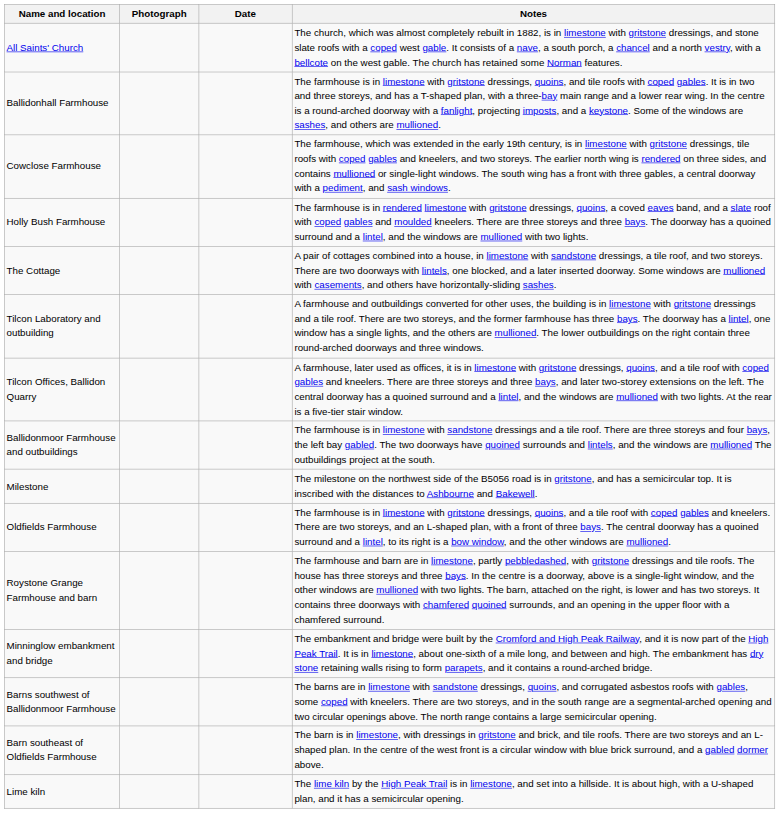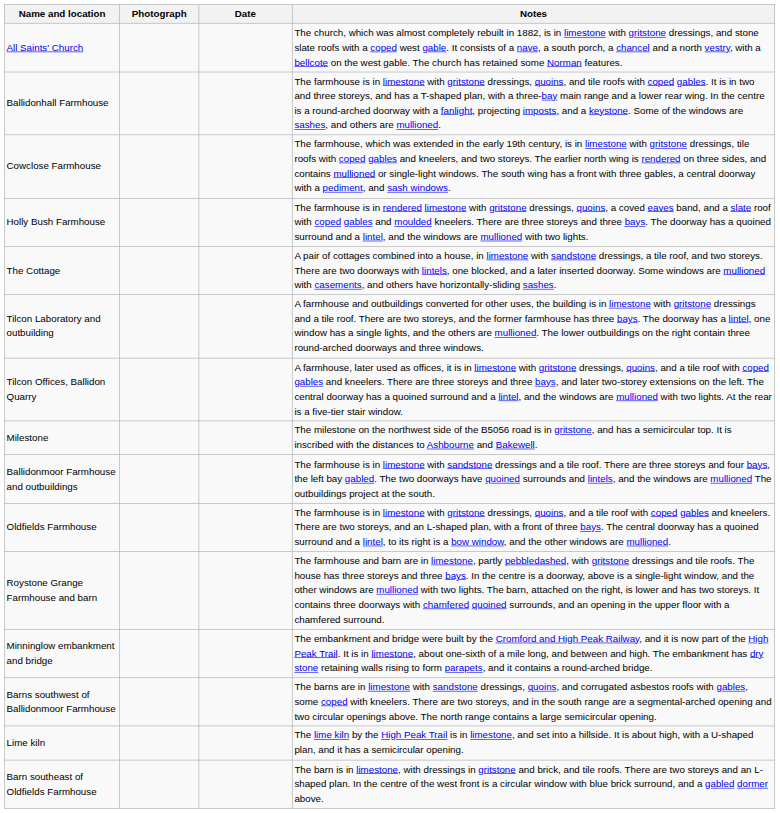 <table class="wikitable sortable plainrowheaders" style="width:100%;border:0px;text-align:left;line-height:150%;">
 <tr>
 <th scope="col"  style="width:150px">Name and location</th>
 <th scope="col"  style="width:100px" class="unsortable">Photograph</th>
 <th scope="col"  style="width:120px">Date</th>
 <th scope="col"  style="width:650px" class="unsortable">Notes</th>
 </tr>
 <tr>
 <td><a href='#'>All Saints' Church</a><br><small></small></td>
 <td></td>
 <td align="center"></td>
 <td>The church, which was almost completely rebuilt in 1882, is in <a href='#'>limestone</a> with <a href='#'>gritstone</a> dressings, and stone slate roofs with a <a href='#'>coped</a> west <a href='#'>gable</a>.  It consists of a <a href='#'>nave</a>, a south porch, a <a href='#'>chancel</a> and a north <a href='#'>vestry</a>, with a <a href='#'>bellcote</a> on the west gable.  The church has retained some <a href='#'>Norman</a> features.</td>
 </tr>
 <tr>
 <td>Ballidonhall Farmhouse<br><small></small></td>
 <td></td>
 <td align="center"></td>
 <td>The farmhouse is in <a href='#'>limestone</a> with <a href='#'>gritstone</a> dressings, <a href='#'>quoins</a>, and tile roofs with <a href='#'>coped</a> <a href='#'>gables</a>.  It is in two and three storeys, and has a T-shaped plan, with a three-<a href='#'>bay</a> main range and a lower rear wing.  In the centre is a round-arched doorway with a <a href='#'>fanlight</a>, projecting <a href='#'>imposts</a>, and a <a href='#'>keystone</a>.  Some of the windows are <a href='#'>sashes</a>, and others are <a href='#'>mullioned</a>.</td>
 </tr>
 <tr>
 <td>Cowclose Farmhouse<br><small></small></td>
 <td></td>
 <td align="center"></td>
 <td>The farmhouse, which was extended in the early 19th century, is in <a href='#'>limestone</a> with <a href='#'>gritstone</a> dressings, tile roofs with <a href='#'>coped</a> <a href='#'>gables</a> and kneelers, and two storeys.  The earlier north wing is <a href='#'>rendered</a> on three sides, and contains <a href='#'>mullioned</a> or single-light windows.  The south wing has a front with three gables, a central doorway with a <a href='#'>pediment</a>, and <a href='#'>sash windows</a>.</td>
 </tr>
 <tr>
 <td>Holly Bush Farmhouse<br><small></small></td>
 <td></td>
 <td align="center"></td>
 <td>The farmhouse is in <a href='#'>rendered</a> <a href='#'>limestone</a> with <a href='#'>gritstone</a> dressings, <a href='#'>quoins</a>, a coved <a href='#'>eaves</a> band, and a <a href='#'>slate</a> roof with <a href='#'>coped</a> <a href='#'>gables</a> and <a href='#'>moulded</a> kneelers.  There are three storeys and three <a href='#'>bays</a>.  The doorway has a quoined surround and a <a href='#'>lintel</a>, and the windows are <a href='#'>mullioned</a> with two lights.</td>
 </tr>
 <tr>
 <td>The Cottage<br><small></small></td>
 <td></td>
 <td align="center"></td>
 <td>A pair of cottages combined into a house, in <a href='#'>limestone</a> with <a href='#'>sandstone</a> dressings, a tile roof, and two storeys.  There are two doorways with <a href='#'>lintels</a>, one blocked, and a later inserted doorway.  Some windows are <a href='#'>mullioned</a> with <a href='#'>casements</a>, and others have horizontally-sliding <a href='#'>sashes</a>.</td>
 </tr>
 <tr>
 <td>Tilcon Laboratory and outbuilding<br><small></small></td>
 <td></td>
 <td align="center"></td>
 <td>A farmhouse and outbuildings converted for other uses, the building is in <a href='#'>limestone</a> with <a href='#'>gritstone</a> dressings and a tile roof.  There are two storeys, and the former farmhouse has three <a href='#'>bays</a>.  The doorway has a <a href='#'>lintel</a>, one window has a single lights, and the others are <a href='#'>mullioned</a>.  The lower outbuildings on the right contain three round-arched doorways and three windows.</td>
 </tr>
 <tr>
 <td>Tilcon Offices, Ballidon Quarry<br><small></small></td>
 <td></td>
 <td align="center"></td>
 <td>A farmhouse, later used as offices, it is in <a href='#'>limestone</a> with <a href='#'>gritstone</a> dressings, <a href='#'>quoins</a>, and a tile roof with <a href='#'>coped</a> <a href='#'>gables</a> and kneelers.  There are three storeys and three <a href='#'>bays</a>, and later two-storey extensions on the left.  The central doorway has a quoined surround and a <a href='#'>lintel</a>, and the windows are <a href='#'>mullioned</a> with two lights.  At the rear is a five-tier stair window.</td>
 </tr>
 <tr>
+<td>Milestone<br><small></small></td>
+<td></td>
+<td align="center"></td>
+<td>The milestone on the northwest side of the B5056 road is in <a href='#'>gritstone</a>, and has a semicircular top.  It is inscribed with the distances to <a href='#'>Ashbourne</a> and <a href='#'>Bakewell</a>.</td>
+</tr>
+<tr>
 <td>Ballidonmoor Farmhouse and outbuildings<br><small></small></td>
 <td></td>
 <td align="center"></td>
 <td>The farmhouse is in <a href='#'>limestone</a> with <a href='#'>sandstone</a> dressings and a tile roof.  There are three storeys and four <a href='#'>bays</a>, the left bay <a href='#'>gabled</a>.  The two doorways have <a href='#'>quoined</a> surrounds and <a href='#'>lintels</a>, and the windows are <a href='#'>mullioned</a>  The outbuildings project at the south.</td>
-</tr>
-<tr>
-<td>Milestone<br><small></small></td>
-<td></td>
-<td align="center"></td>
-<td>The milestone on the northwest side of the B5056 road is in <a href='#'>gritstone</a>, and has a semicircular top.  It is inscribed with the distances to <a href='#'>Ashbourne</a> and <a href='#'>Bakewell</a>.</td>
 </tr>
 <tr>
 <td>Oldfields Farmhouse<br><small></small></td>
 <td></td>
 <td align="center"></td>
 <td>The farmhouse is in <a href='#'>limestone</a> with <a href='#'>gritstone</a> dressings, <a href='#'>quoins</a>, and a tile roof with <a href='#'>coped</a> <a href='#'>gables</a> and kneelers.  There are two storeys, and an L-shaped plan,  with a front of three <a href='#'>bays</a>.  The central doorway has a quoined surround and a <a href='#'>lintel</a>, to its right is a <a href='#'>bow window</a>, and the other windows are <a href='#'>mullioned</a>.</td>
 </tr>
 <tr>
 <td>Roystone Grange Farmhouse and barn<br><small></small></td>
 <td></td>
 <td align="center"></td>
 <td>The farmhouse and barn are in <a href='#'>limestone</a>, partly <a href='#'>pebbledashed</a>, with <a href='#'>gritstone</a> dressings and tile roofs.  The house has three storeys and three <a href='#'>bays</a>.  In the centre is a doorway, above is a single-light window, and the other windows are <a href='#'>mullioned</a> with two lights.  The barn, attached on the right, is lower and has two storeys.  It contains three doorways with <a href='#'>chamfered</a> <a href='#'>quoined</a> surrounds, and an opening in the upper floor with a chamfered surround.</td>
 </tr>
 <tr>
 <td>Minninglow embankment and bridge<br><small></small></td>
 <td></td>
 <td align="center"></td>
 <td>The embankment and bridge were built by the <a href='#'>Cromford and High Peak Railway</a>, and it is now part of the <a href='#'>High Peak Trail</a>.  It is in <a href='#'>limestone</a>, about one-sixth of a mile long, and between  and  high.  The embankment has <a href='#'>dry stone</a> retaining walls rising to form <a href='#'>parapets</a>, and it contains a round-arched bridge.</td>
 </tr>
 <tr>
 <td>Barns southwest of Ballidonmoor Farmhouse<br><small></small></td>
 <td></td>
 <td align="center"></td>
 <td>The barns are in <a href='#'>limestone</a> with <a href='#'>sandstone</a> dressings, <a href='#'>quoins</a>, and corrugated asbestos roofs with <a href='#'>gables</a>, some <a href='#'>coped</a> with kneelers.  There are two storeys, and in the south range are a segmental-arched opening and two circular openings above.  The north range contains a large semicircular opening.</td>
 </tr>
 <tr>
+<td>Lime kiln<br><small></small></td>
+<td></td>
+<td align="center"></td>
+<td>The <a href='#'>lime kiln</a> by the <a href='#'>High Peak Trail</a> is in <a href='#'>limestone</a>, and set into a hillside.  It is about  high, with a U-shaped plan, and it has a semicircular opening.</td>
+</tr>
+<tr>
 <td>Barn southeast of Oldfields Farmhouse<br><small></small></td>
 <td></td>
 <td align="center"></td>
 <td>The barn is in <a href='#'>limestone</a>, with dressings in <a href='#'>gritstone</a> and brick, and tile roofs.  There are two storeys and an L-shaped plan.  In the centre of the west front is a circular window with blue brick surround, and a <a href='#'>gabled</a> <a href='#'>dormer</a> above.</td>
 </tr>
-<tr>
-<td>Lime kiln<br><small></small></td>
-<td></td>
-<td align="center"></td>
-<td>The <a href='#'>lime kiln</a> by the <a href='#'>High Peak Trail</a> is in <a href='#'>limestone</a>, and set into a hillside.  It is about  high, with a U-shaped plan, and it has a semicircular opening.</td>
-</tr>
 </table>
